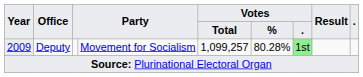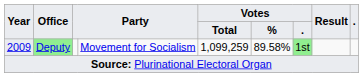 <table class="wikitable" style="font-size:90%; text-align:center;">
 <tr>
 <th style="background-color:#EAECF0;" rowspan=2>Year</th>
 <th style="background-color:#EAECF0;" rowspan=2>Office</th>
 <th style="background-color:#EAECF0;" colspan=2 rowspan=2>Party</th>
 <th style="background-color:#EAECF0;" colspan=3>Votes</th>
 <th style="background-color:#EAECF0;" rowspan=2>Result</th>
 <th style="background-color:#EAECF0;" rowspan=2>.</th>
 </tr>
 <tr>
 <th style="background-color:#EAECF0;">Total</th>
 <th style="background-color:#EAECF0;">%</th>
 <th style="background-color:#EAECF0;">.</th>
 </tr>
 <tr>
 <td style="background-color:#EAECF0;"><a href='#'>2009</a></td>
-<td><a href='#'>Deputy</a></td>
+<td style="background: lightgreen;"><a href='#'>Deputy</a></td>
 <td style="background-color:"></td>
 <td><a href='#'>Movement for Socialism</a></td>
-<td>1,099,257</td>
-<td>80.28%</td>
+<td>1,099,259</td>
+<td>89.58%</td>
 <td style="background: lightgreen;">1st</td>
 <td></td>
 <td></td>
 </tr>
 <tr>
 <td style="background-color:#EAECF0;" colspan=9><strong>Source:</strong> <a href='#'>Plurinational Electoral Organ</a>  </td>
 </tr>
 </table>
